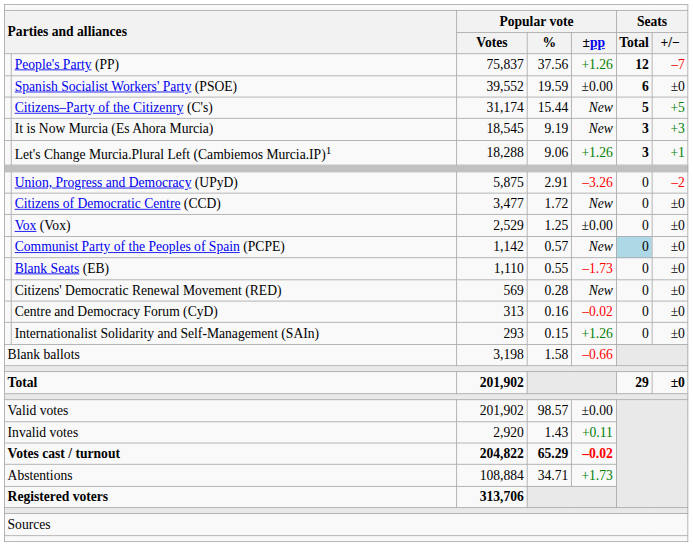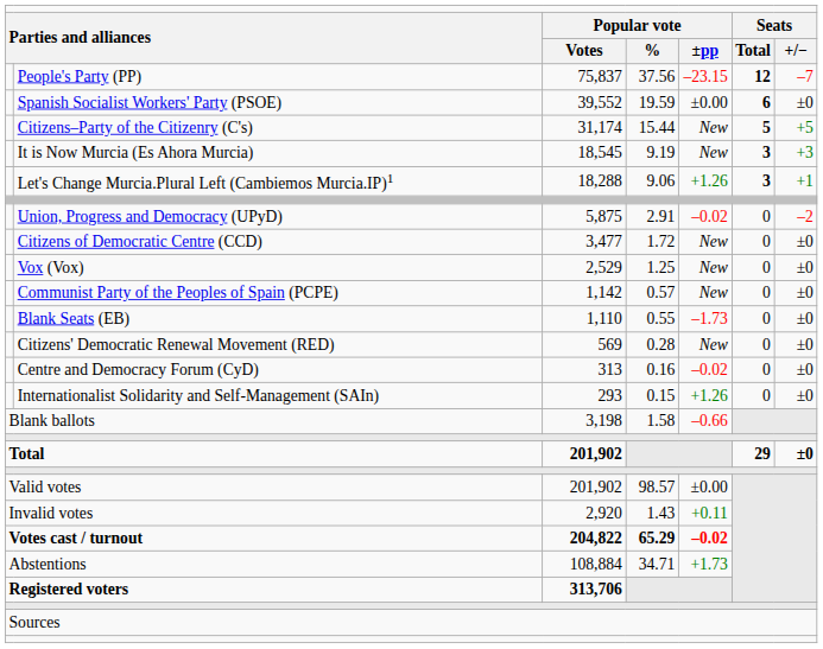 <table class="wikitable" style="text-align:right;">
 <tr>
 <td colspan="7"></td>
 </tr>
 <tr>
 <th style="text-align:left;" rowspan="2" colspan="2" width="525">Parties and alliances</th>
 <th colspan="3">Popular vote</th>
 <th colspan="2">Seats</th>
 </tr>
 <tr>
 <th width="75">Votes</th>
 <th width="45">%</th>
 <th width="45">±<a href='#'>pp</a></th>
 <th width="35">Total</th>
 <th width="35">+/−</th>
 </tr>
 <tr>
 <td width="1" style="color:inherit;background:"></td>
 <td align="left"><a href='#'>People's Party</a> (PP)</td>
 <td>75,837</td>
 <td>37.56</td>
-<td style="color:green;">+1.26</td>
+<td style="color:red;">–23.15</td>
 <td><strong>12</strong></td>
 <td style="color:red;">–7</td>
 </tr>
 <tr>
 <td style="color:inherit;background:"></td>
 <td align="left"><a href='#'>Spanish Socialist Workers' Party</a> (PSOE)</td>
 <td>39,552</td>
 <td>19.59</td>
 <td>±0.00</td>
 <td><strong>6</strong></td>
 <td>±0</td>
 </tr>
 <tr>
 <td style="color:inherit;background:"></td>
 <td align="left"><a href='#'>Citizens–Party of the Citizenry</a> (C's)</td>
 <td>31,174</td>
 <td>15.44</td>
 <td><em>New</em></td>
 <td><strong>5</strong></td>
 <td style="color:green;">+5</td>
 </tr>
 <tr>
 <td style="color:inherit;background:"></td>
 <td align="left">It is Now Murcia (Es Ahora Murcia)</td>
 <td>18,545</td>
 <td>9.19</td>
 <td><em>New</em></td>
 <td><strong>3</strong></td>
 <td style="color:green;">+3</td>
 </tr>
 <tr>
 <td style="color:inherit;background:"></td>
 <td align="left">Let's Change Murcia.Plural Left (Cambiemos Murcia.IP)<sup>1</sup></td>
 <td>18,288</td>
 <td>9.06</td>
 <td style="color:green;">+1.26</td>
 <td><strong>3</strong></td>
 <td style="color:green;">+1</td>
 </tr>
 <tr>
 <td colspan="7" bgcolor="#C0C0C0"></td>
 </tr>
 <tr>
 <td style="color:inherit;background:"></td>
 <td align="left"><a href='#'>Union, Progress and Democracy</a> (UPyD)</td>
 <td>5,875</td>
 <td>2.91</td>
-<td style="color:red;">–3.26</td>
+<td style="color:red;">–0.02</td>
 <td>0</td>
 <td style="color:red;">–2</td>
 </tr>
 <tr>
 <td style="color:inherit;background:"></td>
 <td align="left"><a href='#'>Citizens of Democratic Centre</a> (CCD)</td>
 <td>3,477</td>
 <td>1.72</td>
 <td><em>New</em></td>
 <td>0</td>
 <td>±0</td>
 </tr>
 <tr>
 <td style="color:inherit;background:"></td>
 <td align="left"><a href='#'>Vox</a> (Vox)</td>
 <td>2,529</td>
 <td>1.25</td>
-<td>±0.00</td>
+<td><em>New</em></td>
 <td>0</td>
 <td>±0</td>
 </tr>
 <tr>
 <td style="color:inherit;background:"></td>
 <td align="left"><a href='#'>Communist Party of the Peoples of Spain</a> (PCPE)</td>
 <td>1,142</td>
 <td>0.57</td>
 <td><em>New</em></td>
-<td style="background: lightblue;">0</td>
+<td>0</td>
 <td>±0</td>
 </tr>
 <tr>
 <td style="color:inherit;background:"></td>
 <td align="left"><a href='#'>Blank Seats</a> (EB)</td>
 <td>1,110</td>
 <td>0.55</td>
 <td style="color:red;">–1.73</td>
 <td>0</td>
 <td>±0</td>
 </tr>
 <tr>
 <td style="color:inherit;background:"></td>
 <td align="left">Citizens' Democratic Renewal Movement (RED)</td>
 <td>569</td>
 <td>0.28</td>
 <td><em>New</em></td>
 <td>0</td>
 <td>±0</td>
 </tr>
 <tr>
 <td style="color:inherit;background:"></td>
 <td align="left">Centre and Democracy Forum (CyD)</td>
 <td>313</td>
 <td>0.16</td>
 <td style="color:red;">–0.02</td>
 <td>0</td>
 <td>±0</td>
 </tr>
 <tr>
 <td style="color:inherit;background:"></td>
 <td align="left">Internationalist Solidarity and Self-Management (SAIn)</td>
 <td>293</td>
 <td>0.15</td>
 <td style="color:green;">+1.26</td>
 <td>0</td>
 <td>±0</td>
 </tr>
 <tr>
 <td align="left" colspan="2">Blank ballots</td>
 <td>3,198</td>
 <td>1.58</td>
 <td style="color:red;">–0.66</td>
 <td bgcolor="#E9E9E9" colspan="2"></td>
 </tr>
 <tr>
 <td colspan="7" bgcolor="#E9E9E9"></td>
 </tr>
 <tr style="font-weight:bold;">
 <td align="left" colspan="2">Total</td>
 <td>201,902</td>
 <td bgcolor="#E9E9E9" colspan="2"></td>
 <td>29</td>
 <td>±0</td>
 </tr>
 <tr>
 <td colspan="7" bgcolor="#E9E9E9"></td>
 </tr>
 <tr>
 <td align="left" colspan="2">Valid votes</td>
 <td>201,902</td>
 <td>98.57</td>
 <td>±0.00</td>
 <td bgcolor="#E9E9E9" colspan="2" rowspan="5"></td>
 </tr>
 <tr>
 <td align="left" colspan="2">Invalid votes</td>
 <td>2,920</td>
 <td>1.43</td>
 <td style="color:green;">+0.11</td>
 </tr>
 <tr style="font-weight:bold;">
 <td align="left" colspan="2">Votes cast / turnout</td>
 <td>204,822</td>
 <td>65.29</td>
 <td style="color:red;">–0.02</td>
 </tr>
 <tr>
 <td align="left" colspan="2">Abstentions</td>
 <td>108,884</td>
 <td>34.71</td>
 <td style="color:green;">+1.73</td>
 </tr>
 <tr style="font-weight:bold;">
 <td align="left" colspan="2">Registered voters</td>
 <td>313,706</td>
 <td bgcolor="#E9E9E9" colspan="2"></td>
 </tr>
 <tr>
 <td colspan="7" bgcolor="#E9E9E9"></td>
 </tr>
 <tr>
 <td align="left" colspan="7">Sources</td>
 </tr>
 <tr>
 <td colspan="7" style="text-align:left; max-width:790px;"></td>
 </tr>
 </table>
